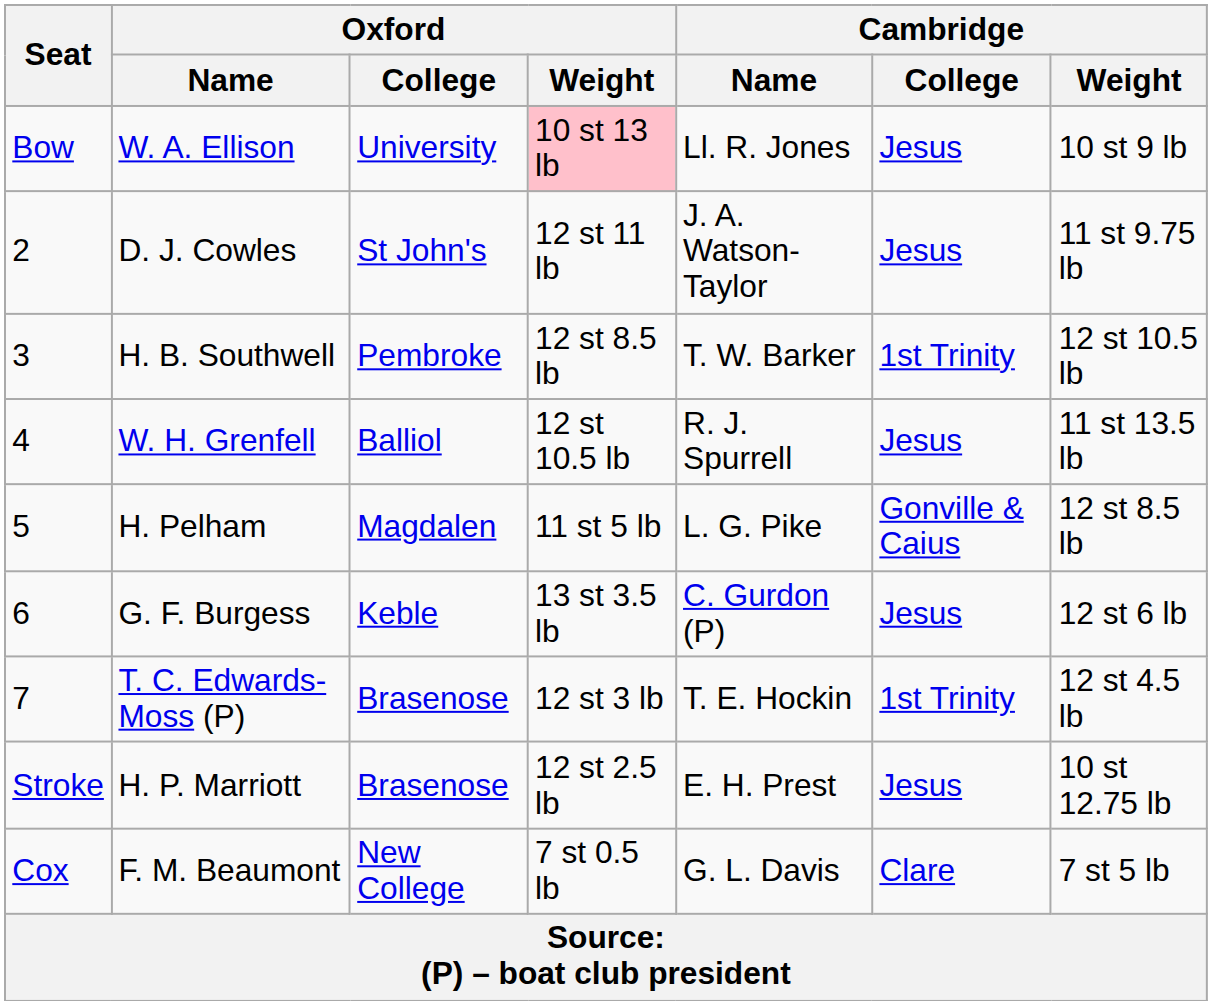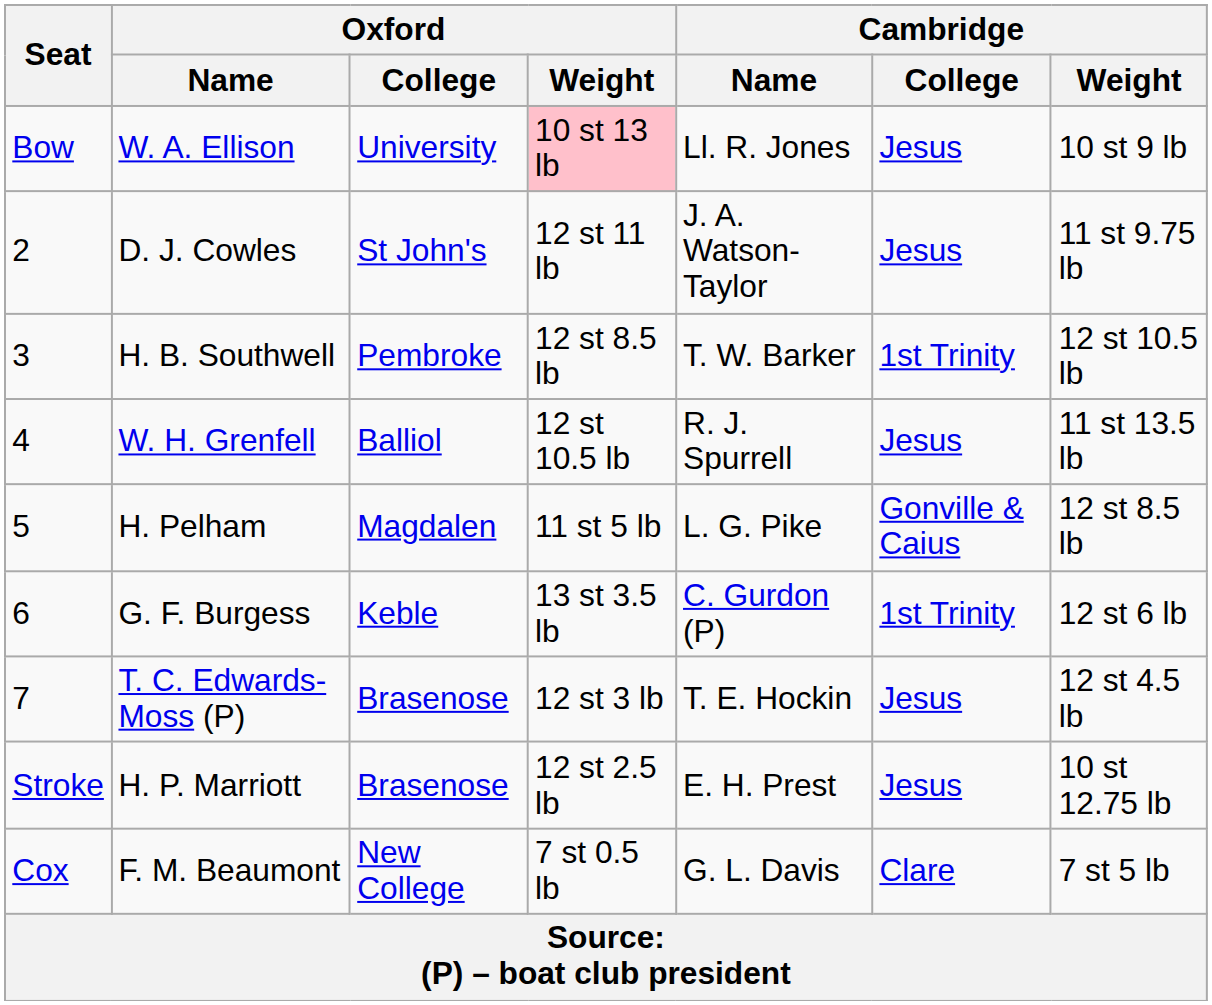 <table class="wikitable">
 <tr>
 <th rowspan="2" scope="col">Seat</th>
 <th colspan="3" scope="col">Oxford <br> </th>
 <th colspan="3" scope="col">Cambridge <br> </th>
 </tr>
 <tr>
 <th>Name</th>
 <th>College</th>
 <th>Weight</th>
 <th>Name</th>
 <th>College</th>
 <th>Weight</th>
 </tr>
 <tr>
 <td><a href='#'>Bow</a></td>
 <td><a href='#'>W. A. Ellison</a></td>
 <td><a href='#'>University</a></td>
 <td style="background: pink;">10 st 13 lb</td>
 <td>Ll. R. Jones</td>
 <td><a href='#'>Jesus</a></td>
 <td>10 st 9 lb</td>
 </tr>
 <tr>
 <td>2</td>
 <td>D. J. Cowles</td>
 <td><a href='#'>St John's</a></td>
 <td>12 st 11 lb</td>
 <td>J. A. Watson-Taylor</td>
 <td><a href='#'>Jesus</a></td>
 <td>11 st 9.75 lb</td>
 </tr>
 <tr>
 <td>3</td>
 <td>H. B. Southwell</td>
 <td><a href='#'>Pembroke</a></td>
 <td>12 st 8.5 lb</td>
 <td>T. W. Barker</td>
 <td><a href='#'>1st Trinity</a></td>
 <td>12 st 10.5 lb</td>
 </tr>
 <tr>
 <td>4</td>
 <td><a href='#'>W. H. Grenfell</a></td>
 <td><a href='#'>Balliol</a></td>
 <td>12 st 10.5 lb</td>
 <td>R. J. Spurrell</td>
 <td><a href='#'>Jesus</a></td>
 <td>11 st 13.5 lb</td>
 </tr>
 <tr>
 <td>5</td>
 <td>H. Pelham</td>
 <td><a href='#'>Magdalen</a></td>
 <td>11 st 5 lb</td>
 <td>L. G. Pike</td>
 <td><a href='#'>Gonville & Caius</a></td>
 <td>12 st 8.5 lb</td>
 </tr>
 <tr>
 <td>6</td>
 <td>G. F. Burgess</td>
 <td><a href='#'>Keble</a></td>
 <td>13 st 3.5 lb</td>
 <td><a href='#'>C. Gurdon</a> (P)</td>
-<td><a href='#'>Jesus</a></td>
+<td><a href='#'>1st Trinity</a></td>
 <td>12 st 6 lb</td>
 </tr>
 <tr>
 <td>7</td>
 <td><a href='#'>T. C. Edwards-Moss</a> (P)</td>
 <td><a href='#'>Brasenose</a></td>
 <td>12 st 3 lb</td>
 <td>T. E. Hockin</td>
-<td><a href='#'>1st Trinity</a></td>
+<td><a href='#'>Jesus</a></td>
 <td>12 st 4.5 lb</td>
 </tr>
 <tr>
 <td><a href='#'>Stroke</a></td>
 <td>H. P. Marriott</td>
 <td><a href='#'>Brasenose</a></td>
 <td>12 st 2.5 lb</td>
 <td>E. H. Prest</td>
 <td><a href='#'>Jesus</a></td>
 <td>10 st 12.75 lb</td>
 </tr>
 <tr>
 <td><a href='#'>Cox</a></td>
 <td>F. M. Beaumont</td>
 <td><a href='#'>New College</a></td>
 <td>7 st 0.5 lb</td>
 <td>G. L. Davis</td>
 <td><a href='#'>Clare</a></td>
 <td>7 st 5 lb</td>
 </tr>
 <tr>
 <th colspan="7">Source:<br>(P) – boat club president</th>
 </tr>
 </table>
